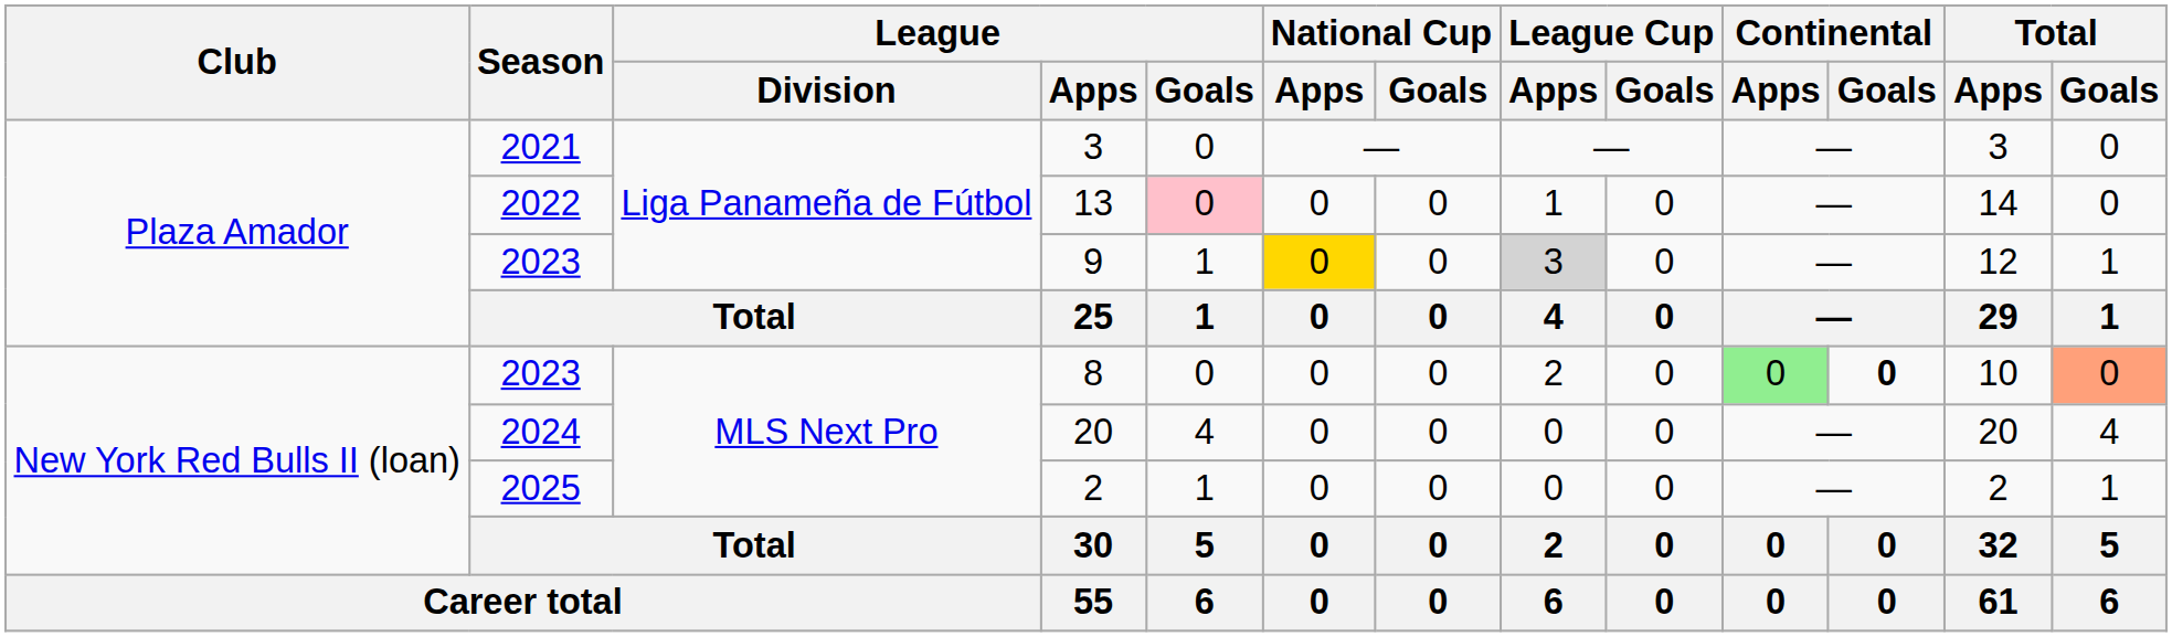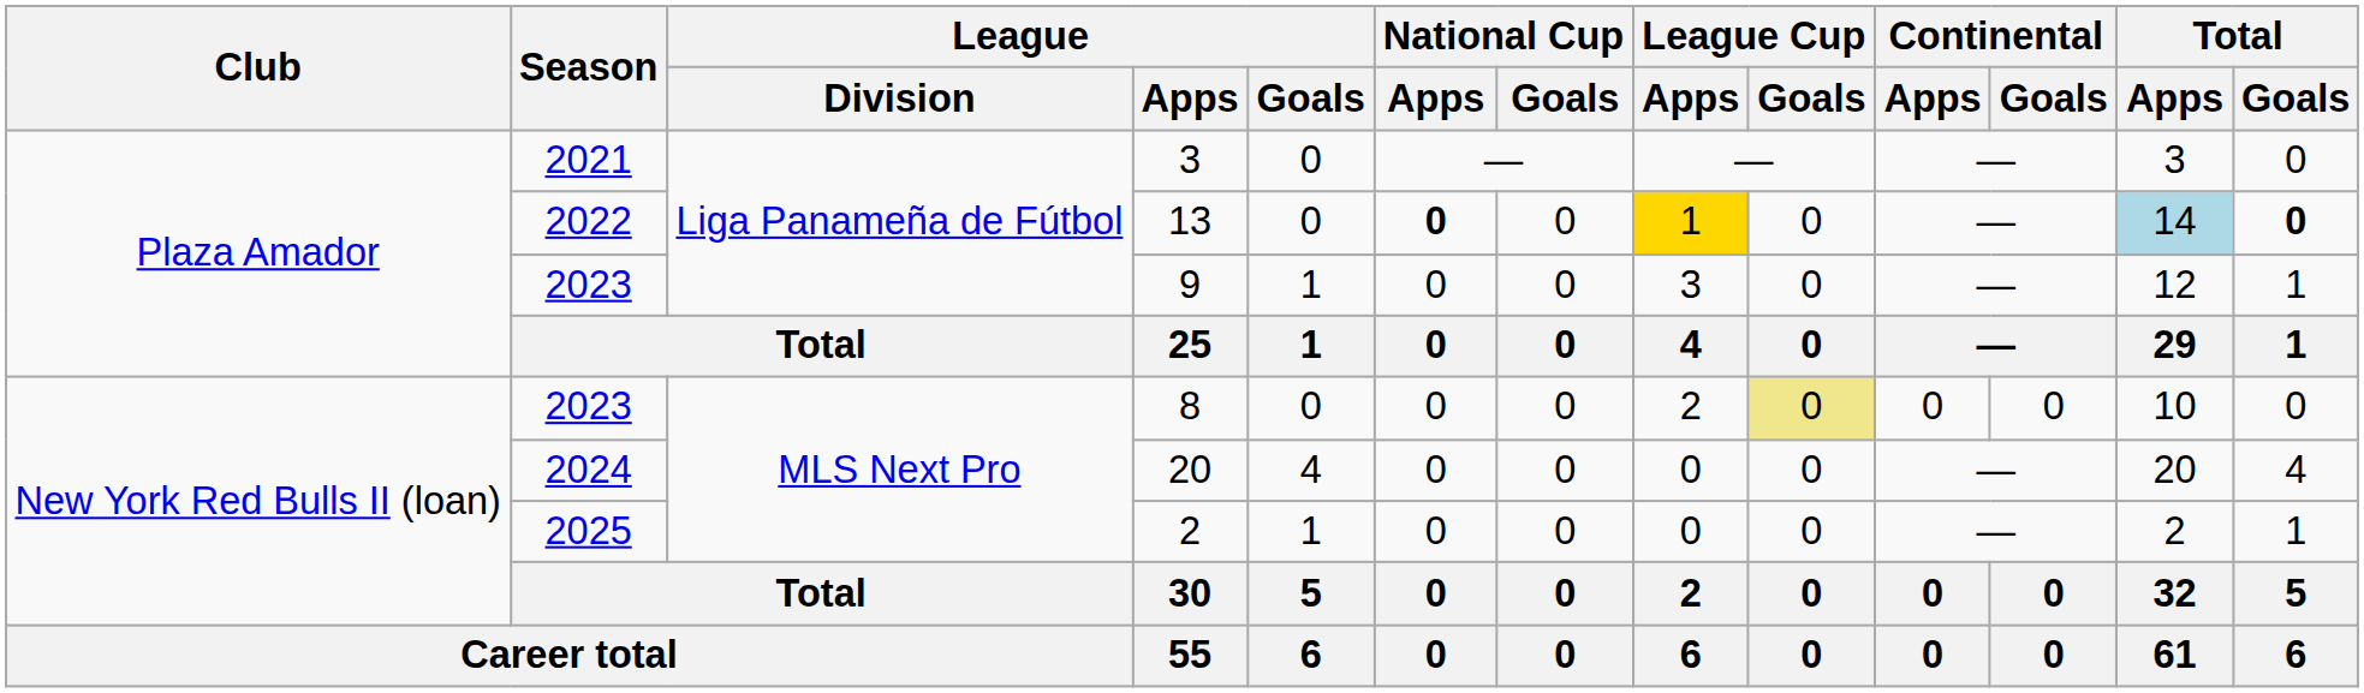 <table class="wikitable" style="text-align:center">
 <tr>
 <th rowspan="2">Club</th>
 <th rowspan="2">Season</th>
 <th colspan="3">League</th>
 <th colspan="2">National Cup </th>
 <th colspan="2">League Cup</th>
 <th colspan="2">Continental</th>
 <th colspan="2">Total</th>
 </tr>
 <tr>
 <th>Division</th>
 <th>Apps</th>
 <th>Goals</th>
 <th>Apps</th>
 <th>Goals</th>
 <th>Apps</th>
 <th>Goals</th>
 <th>Apps</th>
 <th>Goals</th>
 <th>Apps</th>
 <th>Goals</th>
 </tr>
 <tr>
 <td rowspan="4"><a href='#'>Plaza Amador</a></td>
 <td><a href='#'>2021</a></td>
 <td rowspan="3"><a href='#'>Liga Panameña de Fútbol</a></td>
 <td>3</td>
 <td>0</td>
 <td colspan="2">—</td>
 <td colspan="2">—</td>
 <td colspan="2">—</td>
 <td>3</td>
 <td>0</td>
 </tr>
 <tr>
 <td><a href='#'>2022</a></td>
 <td>13</td>
-<td style="background: pink;">0</td>
 <td>0</td>
+<td><strong>0</strong></td>
 <td>0</td>
-<td>1</td>
+<td style="background: gold;">1</td>
 <td>0</td>
 <td colspan="2">—</td>
-<td>14</td>
-<td>0</td>
+<td style="background: lightblue;">14</td>
+<td><strong>0</strong></td>
 </tr>
 <tr>
 <td><a href='#'>2023</a></td>
 <td>9</td>
 <td>1</td>
-<td style="background: gold;">0</td>
 <td>0</td>
-<td style="background: lightgrey;">3</td>
+<td>0</td>
+<td>3</td>
 <td>0</td>
 <td colspan="2">—</td>
 <td>12</td>
 <td>1</td>
 </tr>
 <tr>
 <th colspan="2">Total</th>
 <th>25</th>
 <th>1</th>
 <th>0</th>
 <th>0</th>
 <th>4</th>
 <th>0</th>
 <th colspan="2">—</th>
 <th>29</th>
 <th>1</th>
 </tr>
 <tr>
 <td rowspan="4"><a href='#'>New York Red Bulls II</a> (loan)</td>
 <td><a href='#'>2023</a></td>
 <td rowspan="3"><a href='#'>MLS Next Pro</a></td>
 <td>8</td>
 <td>0</td>
 <td>0</td>
 <td>0</td>
 <td>2</td>
+<td style="background: khaki;">0</td>
 <td>0</td>
-<td style="background: lightgreen;">0</td>
-<td><strong>0</strong></td>
+<td>0</td>
 <td>10</td>
-<td style="background: lightsalmon;">0</td>
+<td>0</td>
 </tr>
 <tr>
 <td><a href='#'>2024</a></td>
 <td>20</td>
 <td>4</td>
 <td>0</td>
 <td>0</td>
 <td>0</td>
 <td>0</td>
 <td colspan="2">—</td>
 <td>20</td>
 <td>4</td>
 </tr>
 <tr>
 <td><a href='#'>2025</a></td>
 <td>2</td>
 <td>1</td>
 <td>0</td>
 <td>0</td>
 <td>0</td>
 <td>0</td>
 <td colspan="2">—</td>
 <td>2</td>
 <td>1</td>
 </tr>
 <tr>
 <th colspan="2">Total</th>
 <th>30</th>
 <th>5</th>
 <th>0</th>
 <th>0</th>
 <th>2</th>
 <th>0</th>
 <th>0</th>
 <th>0</th>
 <th>32</th>
 <th>5</th>
 </tr>
 <tr>
 <th colspan="3">Career total</th>
 <th>55</th>
 <th>6</th>
 <th>0</th>
 <th>0</th>
 <th>6</th>
 <th>0</th>
 <th>0</th>
 <th>0</th>
 <th>61</th>
 <th>6</th>
 </tr>
 </table>
